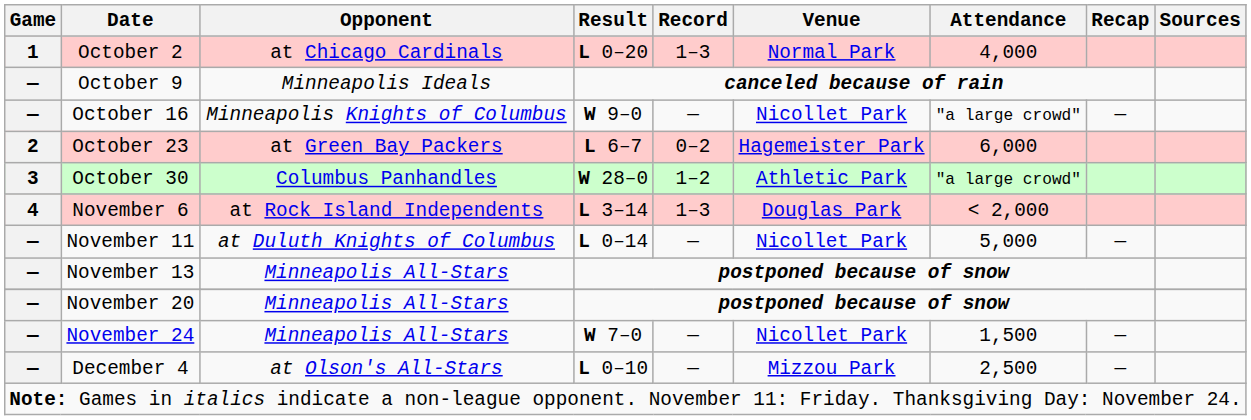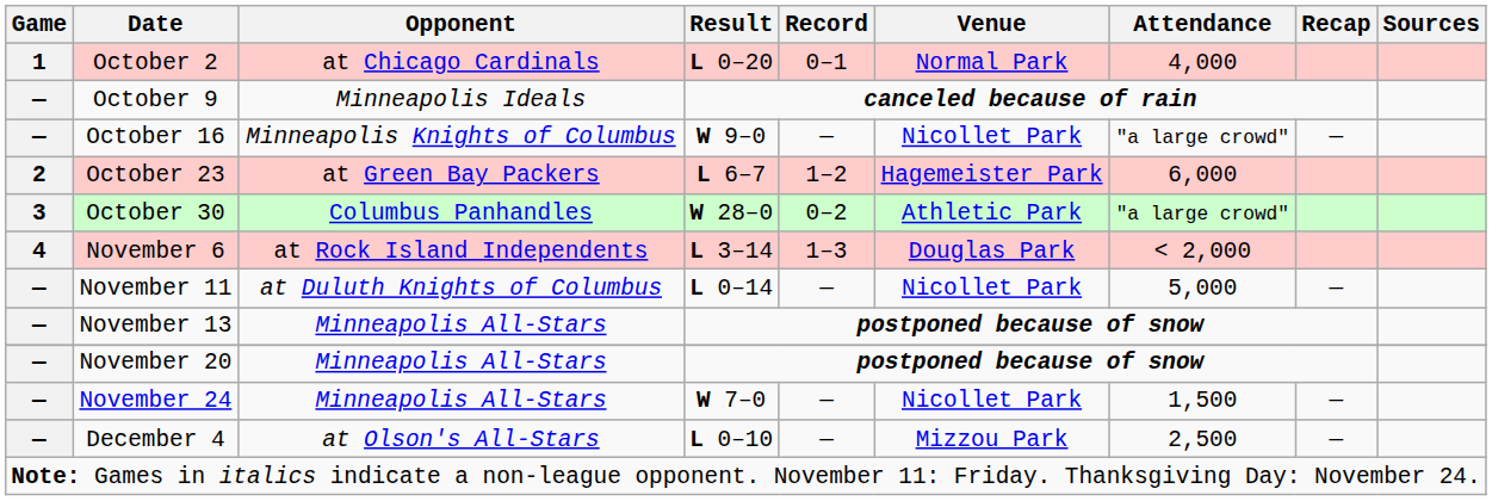 <table class="wikitable" style="text-align:center">
 <tr>
 <th>Game</th>
 <th>Date</th>
 <th>Opponent</th>
 <th>Result</th>
 <th>Record</th>
 <th>Venue</th>
 <th>Attendance</th>
 <th>Recap</th>
 <th>Sources</th>
 </tr>
 <tr style="background:#fcc">
 <th>1</th>
 <td>October 2</td>
 <td>at <a href='#'>Chicago Cardinals</a></td>
 <td><strong>L</strong> 0–20</td>
-<td>1–3</td>
+<td>0–1</td>
 <td><a href='#'>Normal Park</a></td>
 <td>4,000</td>
 <td></td>
 <td></td>
 </tr>
 <tr>
 <th>—</th>
 <td>October 9</td>
 <td><em>Minneapolis Ideals</em></td>
 <td colspan="5"><strong><em>canceled because of rain</em></strong></td>
 <td></td>
 </tr>
 <tr>
 <th>—</th>
 <td>October 16</td>
 <td><em>Minneapolis <a href='#'>Knights of Columbus</a></em></td>
 <td><strong>W</strong> 9–0</td>
 <td>—</td>
 <td><a href='#'>Nicollet Park</a></td>
 <td><small>"a large crowd"</small></td>
 <td>—</td>
 <td></td>
 </tr>
 <tr style="background:#fcc">
 <th>2</th>
 <td>October 23</td>
 <td>at <a href='#'>Green Bay Packers</a></td>
 <td><strong>L</strong> 6–7</td>
-<td>0–2</td>
+<td>1–2</td>
 <td><a href='#'>Hagemeister Park</a></td>
 <td>6,000</td>
 <td></td>
 <td></td>
 </tr>
 <tr style="background:#cfc">
 <th>3</th>
 <td>October 30</td>
 <td><a href='#'>Columbus Panhandles</a></td>
 <td><strong>W</strong> 28–0</td>
-<td>1–2</td>
+<td>0–2</td>
 <td><a href='#'>Athletic Park</a></td>
 <td><small>"a large crowd"</small></td>
 <td></td>
 <td></td>
 </tr>
 <tr style="background:#fcc">
 <th>4</th>
 <td>November 6</td>
 <td>at <a href='#'>Rock Island Independents</a></td>
 <td><strong>L</strong> 3–14</td>
 <td>1–3</td>
 <td><a href='#'>Douglas Park</a></td>
 <td>< 2,000</td>
 <td></td>
 <td></td>
 </tr>
 <tr>
 <th>—</th>
 <td>November 11</td>
 <td><em>at <a href='#'>Duluth Knights of Columbus</a></em></td>
 <td><strong>L</strong> 0–14</td>
 <td>—</td>
 <td><a href='#'>Nicollet Park</a></td>
 <td>5,000</td>
 <td>—</td>
 <td></td>
 </tr>
 <tr>
 <th>—</th>
 <td>November 13</td>
 <td><em><a href='#'>Minneapolis All-Stars</a></em></td>
 <td colspan="5"><strong><em>postponed because of snow</em></strong></td>
 <td></td>
 </tr>
 <tr>
 </tr>
 <tr>
 <th>—</th>
 <td>November 20</td>
 <td><em><a href='#'>Minneapolis All-Stars</a></em></td>
 <td colspan="5"><strong><em>postponed because of snow</em></strong></td>
 <td></td>
 </tr>
 <tr>
 <th>—</th>
 <td><a href='#'>November 24</a></td>
 <td><em><a href='#'>Minneapolis All-Stars</a></em></td>
 <td><strong>W</strong> 7–0</td>
 <td>—</td>
 <td><a href='#'>Nicollet Park</a></td>
 <td>1,500</td>
 <td>—</td>
 <td></td>
 </tr>
 <tr>
 <th>—</th>
 <td>December 4</td>
 <td><em>at <a href='#'>Olson's All-Stars</a></em></td>
 <td><strong>L</strong> 0–10</td>
 <td>—</td>
 <td><a href='#'>Mizzou Park</a></td>
 <td>2,500 </td>
 <td>—</td>
 <td></td>
 </tr>
 <tr>
 <td colspan="10"><strong>Note:</strong> Games in <em>italics</em> indicate a non-league opponent. November 11: Friday. Thanksgiving Day: November 24.</td>
 </tr>
 </table>
